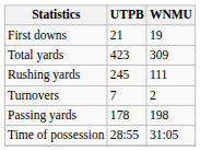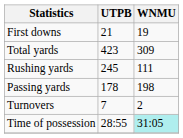 <table class="wikitable" style="float: left;">
 <tr>
 <th>Statistics</th>
 <th>UTPB</th>
 <th>WNMU</th>
 </tr>
 <tr>
 <td>First downs</td>
 <td>21</td>
 <td>19</td>
 </tr>
 <tr>
 <td>Total yards</td>
 <td>423</td>
 <td>309</td>
 </tr>
 <tr>
 <td>Rushing yards</td>
 <td>245</td>
 <td>111</td>
 </tr>
 <tr>
+<td>Passing yards</td>
+<td>178</td>
+<td>198</td>
+</tr>
+<tr>
 <td>Turnovers</td>
 <td>7</td>
 <td>2</td>
 </tr>
 <tr>
-<td>Passing yards</td>
-<td>178</td>
-<td>198</td>
-</tr>
-<tr>
 <td>Time of possession</td>
 <td>28:55</td>
-<td>31:05</td>
+<td style="background: paleturquoise;">31:05</td>
 </tr>
 <tr>
 </tr>
 </table>
